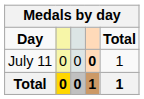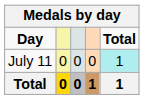 <table class="wikitable" style="font-size:85%; float:right">
 <tr align=center>
 <th colspan=7><strong>Medals by day</strong></th>
 </tr>
 <tr align=center>
 <td><strong>Day</strong></td>
 <td style="background:#f7f6a8;"></td>
 <td style="background:#dce5e5;"></td>
 <td style="background:#ffdab9;"></td>
 <td><strong>Total</strong></td>
 </tr>
 <tr align=center>
 <td>July 11</td>
 <td style="background:#f7f6a8;">0</td>
 <td style="background:#dce5e5;">0</td>
-<td style="background:#ffdab9;"><strong>0</strong></td>
-<td>1</td>
+<td style="background:#ffdab9;">0</td>
+<td style="background: paleturquoise;">1</td>
 </tr>
 <tr align=center>
 <th><strong>Total</strong></th>
 <th style="background:gold;"><strong>0</strong></th>
 <th style="background:silver;"><strong>0</strong></th>
 <th style="background:#c96;"><strong>1</strong></th>
 <th><strong>1</strong></th>
 </tr>
 </table>
